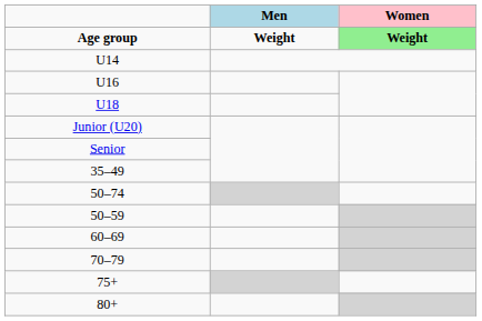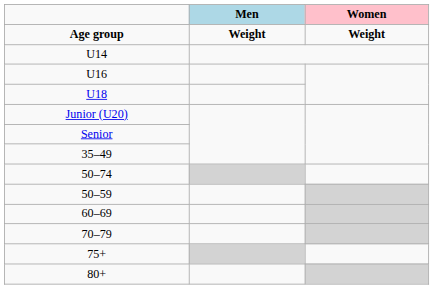 <table class="wikitable" width=40% style="font-size:90%; text-align:center;">
 <tr>
 <td></td>
 <td colspan=1 bgcolor=lightblue><strong>Men</strong></td>
 <td colspan=2 bgcolor=pink><strong>Women</strong></td>
 </tr>
 <tr>
 <td><strong>Age group</strong></td>
 <td><strong>Weight</strong></td>
-<td style="background: lightgreen;"><strong>Weight</strong></td>
+<td><strong>Weight</strong></td>
 </tr>
 <tr>
 <td>U14</td>
 <td colspan="2"></td>
 </tr>
 <tr>
 <td>U16</td>
 <td></td>
 <td rowspan="2"></td>
 </tr>
 <tr>
 <td><a href='#'>U18</a></td>
 <td></td>
 </tr>
 <tr>
 <td><a href='#'>Junior (U20)</a></td>
 <td rowspan="3"></td>
 <td rowspan="3"></td>
 </tr>
 <tr>
 <td><a href='#'>Senior</a></td>
 </tr>
 <tr>
 <td>35–49</td>
 </tr>
 <tr>
 <td>50–74</td>
 <td bgcolor=lightgrey colspan=1></td>
 <td></td>
 </tr>
 <tr>
 <td>50–59</td>
 <td></td>
 <td bgcolor=lightgrey colspan=1></td>
 </tr>
 <tr>
 <td>60–69</td>
 <td></td>
 <td bgcolor=lightgrey colspan=1></td>
 </tr>
 <tr>
 <td>70–79</td>
 <td></td>
 <td bgcolor=lightgrey colspan=1></td>
 </tr>
 <tr>
 <td>75+</td>
 <td bgcolor=lightgrey colspan=1></td>
 <td></td>
 </tr>
 <tr>
 <td>80+</td>
 <td></td>
 <td bgcolor=lightgrey colspan=1></td>
 </tr>
 </table>
